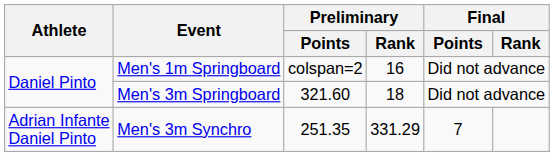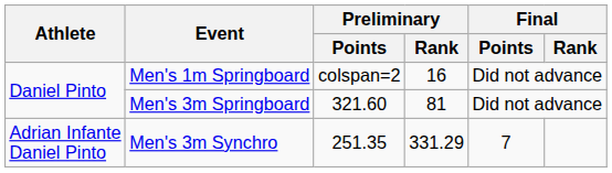 <table class=wikitable style="font-size:90%">
 <tr>
 <th rowspan="2">Athlete</th>
 <th rowspan="2">Event</th>
 <th colspan="2">Preliminary</th>
 <th colspan="2">Final</th>
 </tr>
 <tr>
 <th>Points</th>
 <th>Rank</th>
 <th>Points</th>
 <th>Rank</th>
 </tr>
 <tr align=center>
 <td align=left rowspan=2><a href='#'>Daniel Pinto</a></td>
 <td align=left><a href='#'>Men's 1m Springboard</a></td>
 <td>colspan=2 </td>
 <td>16</td>
 <td colspan=2>Did not advance</td>
 </tr>
 <tr align=center>
 <td align=left><a href='#'>Men's 3m Springboard</a></td>
 <td>321.60</td>
-<td>18</td>
+<td>81</td>
 <td colspan=2>Did not advance</td>
 </tr>
 <tr align=center>
 <td align=left><a href='#'>Adrian Infante</a><br><a href='#'>Daniel Pinto</a></td>
 <td align=left><a href='#'>Men's 3m Synchro</a></td>
 <td>251.35</td>
 <td>331.29</td>
 <td>7</td>
 </tr>
 </table>
